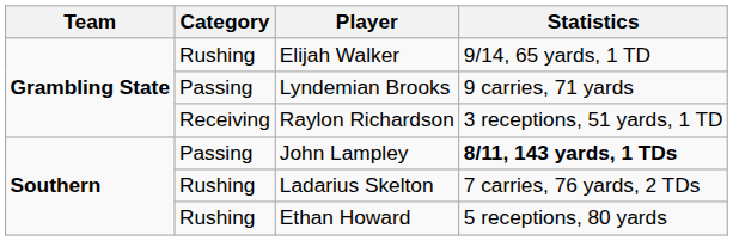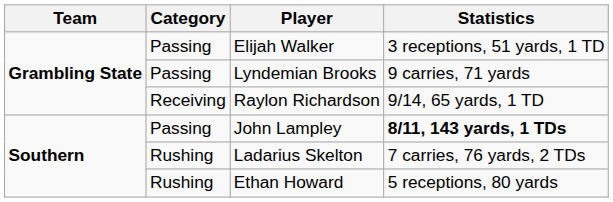 <table class="wikitable" style="float: left;">
 <tr>
 <th>Team</th>
 <th>Category</th>
 <th>Player</th>
 <th>Statistics</th>
 </tr>
 <tr>
 <td rowspan=3><strong>Grambling State</strong></td>
-<td>Rushing</td>
+<td>Passing</td>
 <td>Elijah Walker</td>
-<td>9/14, 65 yards, 1 TD</td>
+<td>3 receptions, 51 yards, 1 TD</td>
 </tr>
 <tr>
 <td>Passing</td>
 <td>Lyndemian Brooks</td>
 <td>9 carries, 71 yards</td>
 </tr>
 <tr>
 <td>Receiving</td>
 <td>Raylon Richardson</td>
-<td>3 receptions, 51 yards, 1 TD</td>
+<td>9/14, 65 yards, 1 TD</td>
 </tr>
 <tr>
 <td rowspan=3><strong>Southern</strong></td>
 <td>Passing</td>
 <td>John Lampley</td>
 <td><strong>8/11, 143 yards, 1 TDs</strong></td>
 </tr>
 <tr>
 <td>Rushing</td>
 <td>Ladarius Skelton</td>
 <td>7 carries, 76 yards, 2 TDs</td>
 </tr>
 <tr>
 <td>Rushing</td>
 <td>Ethan Howard</td>
 <td>5 receptions, 80 yards</td>
 </tr>
 </table>
